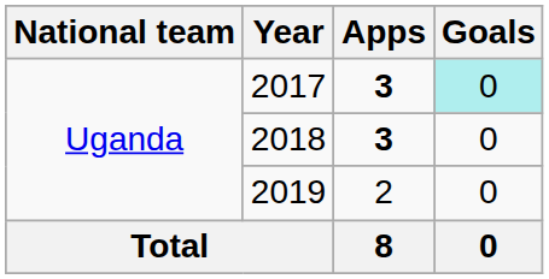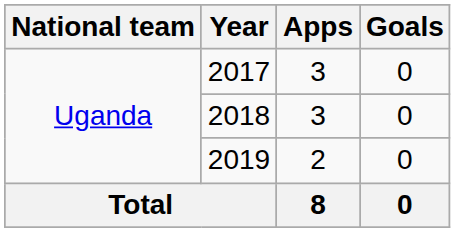 <table class="wikitable" style="text-align:center">
 <tr>
 <th>National team</th>
 <th>Year</th>
 <th>Apps</th>
 <th>Goals</th>
 </tr>
 <tr>
 <td rowspan="3"><a href='#'>Uganda</a></td>
 <td>2017</td>
-<td><strong>3</strong></td>
-<td style="background: paleturquoise;">0</td>
+<td>3</td>
+<td>0</td>
 </tr>
 <tr>
 <td>2018</td>
-<td><strong>3</strong></td>
+<td>3</td>
 <td>0</td>
 </tr>
 <tr>
 <td>2019</td>
 <td>2</td>
 <td>0</td>
 </tr>
 <tr>
 <th colspan="2">Total</th>
 <th>8</th>
 <th>0</th>
 </tr>
 </table>
